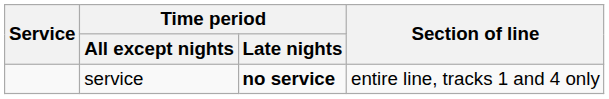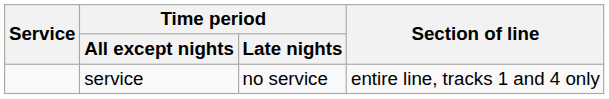 <table class="wikitable">
 <tr>
 <th rowspan=2>Service</th>
 <th colspan=2>Time period</th>
 <th rowspan=2>Section of line</th>
 </tr>
 <tr>
 <th>All except nights</th>
 <th>Late nights</th>
 </tr>
 <tr>
 <td></td>
 <td>service</td>
-<td><strong>no service</strong></td>
+<td>no service</td>
 <td>entire line, tracks 1 and 4 only</td>
 </tr>
 </table>
